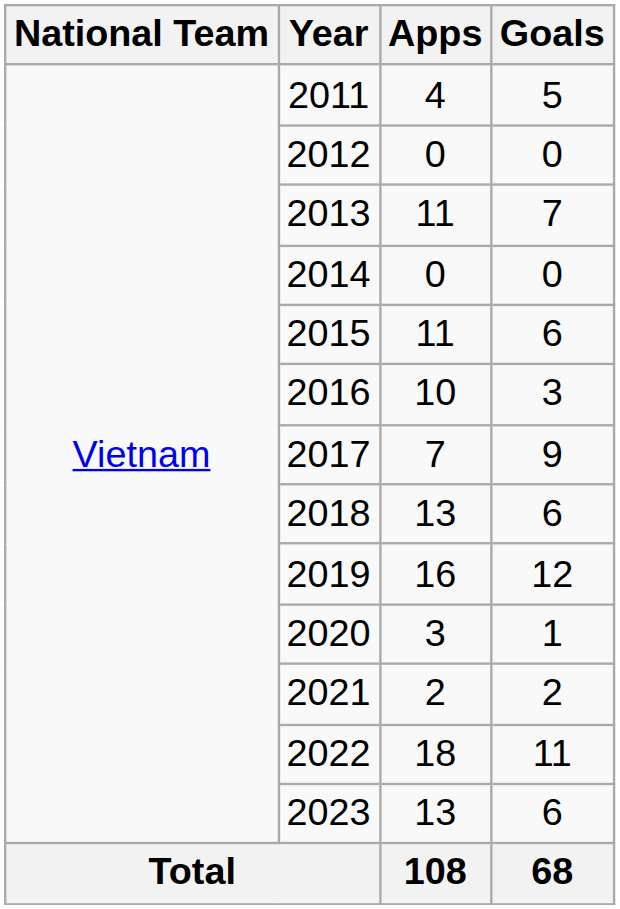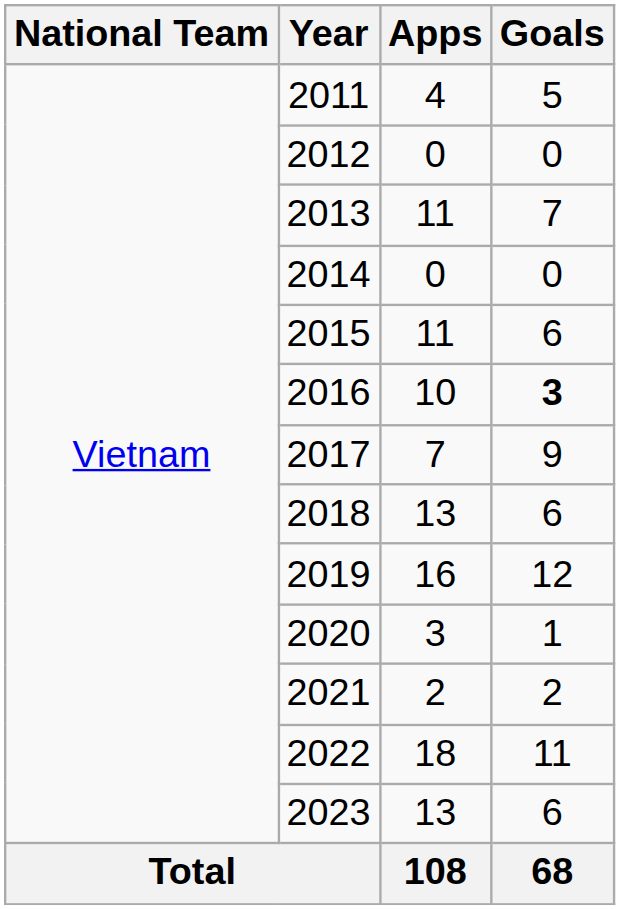 <table class="wikitable" style="text-align:center">
 <tr>
 <th>National Team</th>
 <th>Year</th>
 <th>Apps</th>
 <th>Goals</th>
 </tr>
 <tr>
 <td rowspan="13"><a href='#'>Vietnam</a></td>
 <td>2011</td>
 <td>4</td>
 <td>5</td>
 </tr>
 <tr>
 <td>2012</td>
 <td>0</td>
 <td>0</td>
 </tr>
 <tr>
 <td>2013</td>
 <td>11</td>
 <td>7</td>
 </tr>
 <tr>
 <td>2014</td>
 <td>0</td>
 <td>0</td>
 </tr>
 <tr>
 <td>2015</td>
 <td>11</td>
 <td>6</td>
 </tr>
 <tr>
 <td>2016</td>
 <td>10</td>
-<td>3</td>
+<td><strong>3</strong></td>
 </tr>
 <tr>
 <td>2017</td>
 <td>7</td>
 <td>9</td>
 </tr>
 <tr>
 <td>2018</td>
 <td>13</td>
 <td>6</td>
 </tr>
 <tr>
 <td>2019</td>
 <td>16</td>
 <td>12</td>
 </tr>
 <tr>
 <td>2020</td>
 <td>3</td>
 <td>1</td>
 </tr>
 <tr>
 <td>2021</td>
 <td>2</td>
 <td>2</td>
 </tr>
 <tr>
 <td>2022</td>
 <td>18</td>
 <td>11</td>
 </tr>
 <tr>
 <td>2023</td>
 <td>13</td>
 <td>6</td>
 </tr>
 <tr>
 <th colspan=2>Total</th>
 <th>108</th>
 <th>68</th>
 </tr>
 </table>
